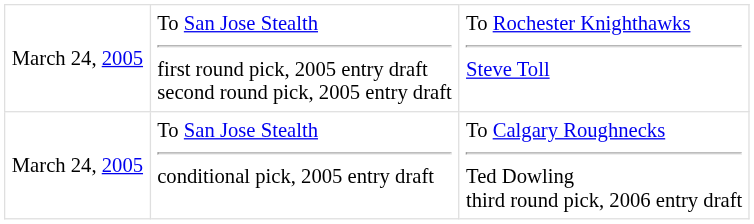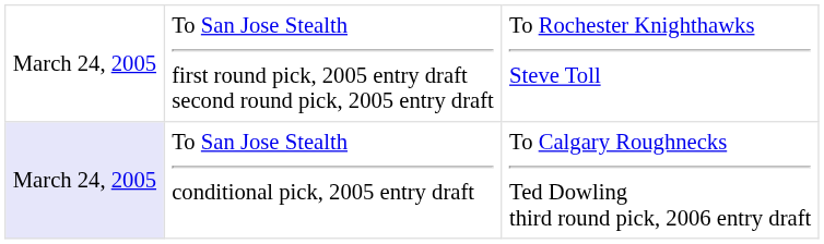 <table border=1 style="border-collapse:collapse" bordercolor="#DFDFDF"  cellpadding="5">
 <tr>
 <td>March 24, <a href='#'>2005</a><br></td>
 <td valign="top">To <a href='#'>San Jose Stealth</a> <hr>first round pick, 2005 entry draft<br>second round pick, 2005 entry draft</td>
 <td valign="top">To <a href='#'>Rochester Knighthawks</a> <hr> <a href='#'>Steve Toll</a></td>
 </tr>
 <tr>
-<td>March 24, <a href='#'>2005</a><br></td>
+<td style="background: lavender;">March 24, <a href='#'>2005</a><br></td>
 <td valign="top">To <a href='#'>San Jose Stealth</a> <hr>conditional pick, 2005 entry draft</td>
 <td valign="top">To <a href='#'>Calgary Roughnecks</a> <hr> Ted Dowling<br>third round pick, 2006 entry draft</td>
 </tr>
 </table>
